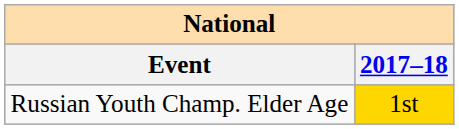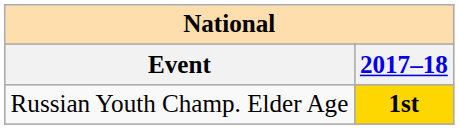 <table class="wikitable" style="text-align:center">
 <tr>
 <th style="background-color: #ffdead; " colspan=2 align=center>National</th>
 </tr>
 <tr>
 <th>Event</th>
 <th><a href='#'>2017–18</a></th>
 </tr>
 <tr>
 <td align=left>Russian Youth Champ. Elder Age</td>
-<td bgcolor=gold>1st</td>
+<td bgcolor=gold><strong>1st</strong></td>
 </tr>
 </table>
